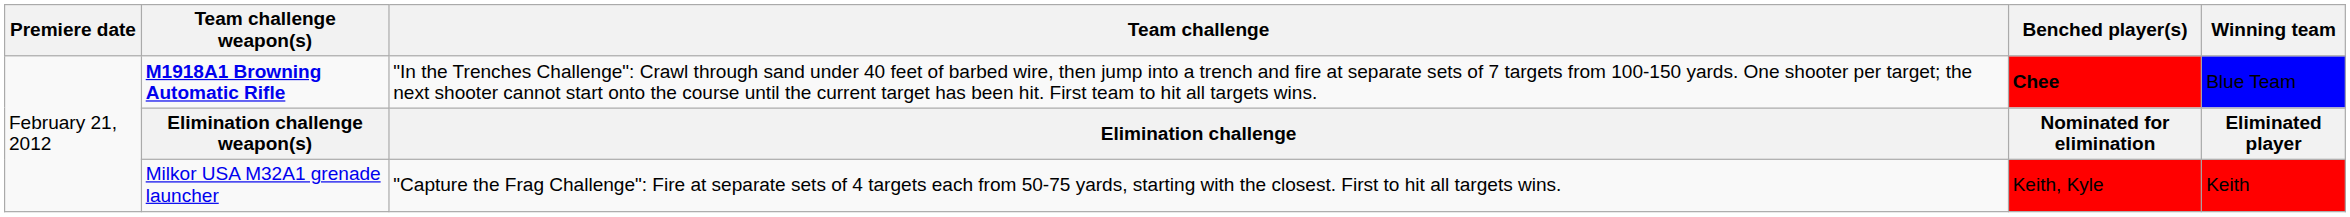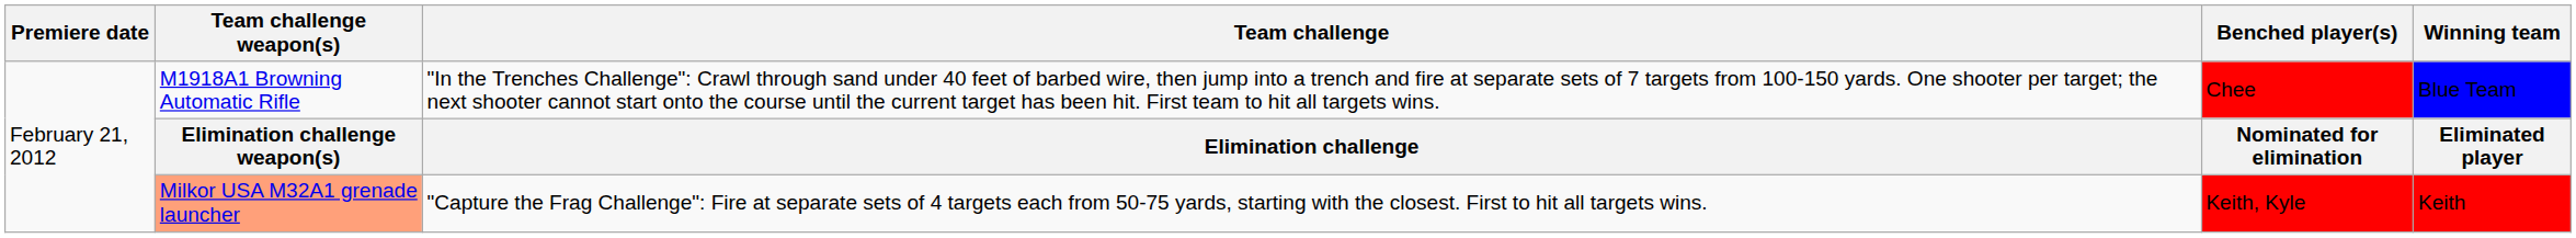 <table class="wikitable">
 <tr>
 <th>Premiere date</th>
 <th>Team challenge weapon(s)</th>
 <th>Team challenge</th>
 <th>Benched player(s)</th>
 <th>Winning team</th>
 </tr>
 <tr>
 <td rowspan="3">February 21, 2012</td>
-<td><strong><a href='#'>M1918A1 Browning Automatic Rifle</a></strong></td>
+<td><a href='#'>M1918A1 Browning Automatic Rifle</a></td>
 <td>"In the Trenches Challenge": Crawl through sand under 40 feet of barbed wire, then jump into a trench and fire at separate sets of 7 targets from 100-150 yards. One shooter per target; the next shooter cannot start onto the course until the current target has been hit. First team to hit all targets wins.</td>
-<td bgcolor="red"><strong><span>Chee</span></strong></td>
+<td bgcolor="red"><span>Chee</span></td>
 <td bgcolor="blue"><span>Blue Team</span></td>
 </tr>
 <tr>
 <th>Elimination challenge weapon(s)</th>
 <th>Elimination challenge</th>
 <th>Nominated for elimination</th>
 <th>Eliminated player</th>
 </tr>
 <tr>
-<td><a href='#'>Milkor USA M32A1 grenade launcher</a></td>
+<td style="background: lightsalmon;"><a href='#'>Milkor USA M32A1 grenade launcher</a></td>
 <td>"Capture the Frag Challenge": Fire at separate sets of 4 targets each from 50-75 yards, starting with the closest. First to hit all targets wins.</td>
 <td bgcolor="red"><span>Keith, Kyle</span></td>
 <td bgcolor="red"><span>Keith</span></td>
 </tr>
 </table>
